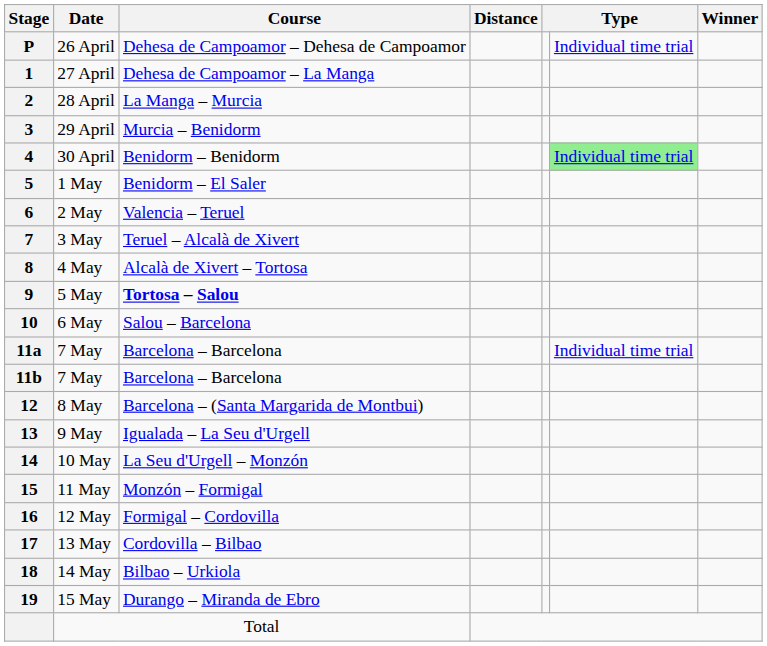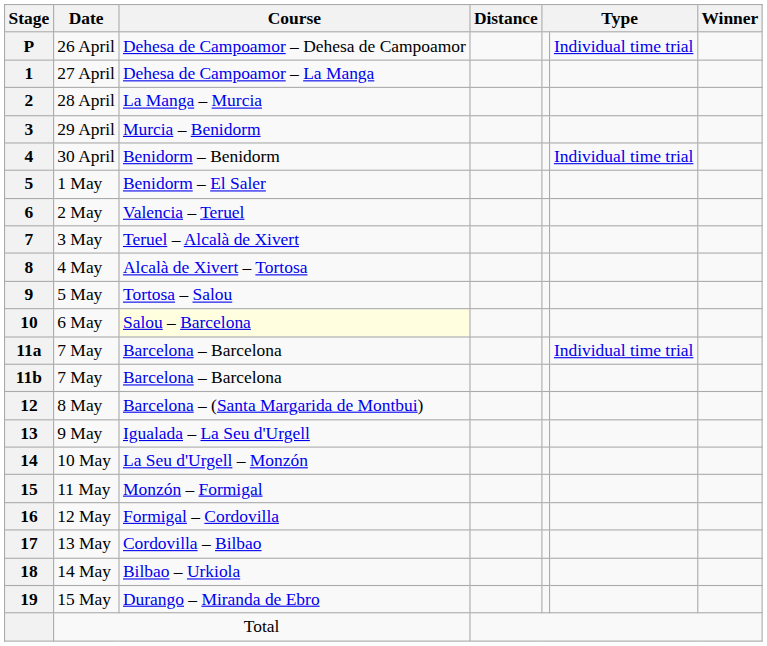 <table class="wikitable">
 <tr>
 <th scope="col">Stage</th>
 <th scope="col">Date</th>
 <th scope="col">Course</th>
 <th scope="col">Distance</th>
 <th scope="col" colspan="2">Type</th>
 <th scope="col">Winner</th>
 </tr>
 <tr>
 <th scope="row">P</th>
 <td>26 April</td>
 <td><a href='#'>Dehesa de Campoamor</a> – Dehesa de Campoamor</td>
 <td style="text-align:center;"></td>
 <td></td>
 <td><a href='#'>Individual time trial</a></td>
 <td></td>
 </tr>
 <tr>
 <th scope="row">1</th>
 <td>27 April</td>
 <td><a href='#'>Dehesa de Campoamor</a> – <a href='#'>La Manga</a></td>
 <td style="text-align:center;"></td>
 <td></td>
 <td></td>
 <td></td>
 </tr>
 <tr>
 <th scope="row">2</th>
 <td>28 April</td>
 <td><a href='#'>La Manga</a> – <a href='#'>Murcia</a></td>
 <td style="text-align:center;"></td>
 <td></td>
 <td></td>
 <td></td>
 </tr>
 <tr>
 <th scope="row">3</th>
 <td>29 April</td>
 <td><a href='#'>Murcia</a> – <a href='#'>Benidorm</a></td>
 <td style="text-align:center;"></td>
 <td></td>
 <td></td>
 <td></td>
 </tr>
 <tr>
 <th scope="row">4</th>
 <td>30 April</td>
 <td><a href='#'>Benidorm</a> – Benidorm</td>
 <td style="text-align:center;"></td>
 <td></td>
-<td style="background: lightgreen;"><a href='#'>Individual time trial</a></td>
+<td><a href='#'>Individual time trial</a></td>
 <td></td>
 </tr>
 <tr>
 <th scope="row">5</th>
 <td>1 May</td>
 <td><a href='#'>Benidorm</a> – <a href='#'>El Saler</a></td>
 <td style="text-align:center;"></td>
 <td></td>
 <td></td>
 <td></td>
 </tr>
 <tr>
 <th scope="row">6</th>
 <td>2 May</td>
 <td><a href='#'>Valencia</a> – <a href='#'>Teruel</a></td>
 <td style="text-align:center;"></td>
 <td></td>
 <td></td>
 <td></td>
 </tr>
 <tr>
 <th scope="row">7</th>
 <td>3 May</td>
 <td><a href='#'>Teruel</a> – <a href='#'>Alcalà de Xivert</a></td>
 <td style="text-align:center;"></td>
 <td></td>
 <td></td>
 <td></td>
 </tr>
 <tr>
 <th scope="row">8</th>
 <td>4 May</td>
 <td><a href='#'>Alcalà de Xivert</a> – <a href='#'>Tortosa</a></td>
 <td style="text-align:center;"></td>
 <td></td>
 <td></td>
 <td></td>
 </tr>
 <tr>
 <th scope="row">9</th>
 <td>5 May</td>
-<td><strong><a href='#'>Tortosa</a> – <a href='#'>Salou</a></strong></td>
+<td><a href='#'>Tortosa</a> – <a href='#'>Salou</a></td>
 <td style="text-align:center;"></td>
 <td></td>
 <td></td>
 <td></td>
 </tr>
 <tr>
 <th scope="row">10</th>
 <td>6 May</td>
-<td><a href='#'>Salou</a> – <a href='#'>Barcelona</a></td>
+<td style="background: lightyellow;"><a href='#'>Salou</a> – <a href='#'>Barcelona</a></td>
 <td style="text-align:center;"></td>
 <td></td>
 <td></td>
 <td></td>
 </tr>
 <tr>
 <th scope="row">11a</th>
 <td>7 May</td>
 <td><a href='#'>Barcelona</a> – Barcelona</td>
 <td style="text-align:center;"></td>
 <td></td>
 <td><a href='#'>Individual time trial</a></td>
 <td></td>
 </tr>
 <tr>
 <th scope="row">11b</th>
 <td>7 May</td>
 <td><a href='#'>Barcelona</a> – Barcelona</td>
 <td style="text-align:center;"></td>
 <td></td>
 <td></td>
 <td></td>
 </tr>
 <tr>
 <th scope="row">12</th>
 <td>8 May</td>
 <td><a href='#'>Barcelona</a> –  (<a href='#'>Santa Margarida de Montbui</a>)</td>
 <td style="text-align:center;"></td>
 <td></td>
 <td></td>
 <td></td>
 </tr>
 <tr>
 <th scope="row">13</th>
 <td>9 May</td>
 <td><a href='#'>Igualada</a> – <a href='#'>La Seu d'Urgell</a></td>
 <td style="text-align:center;"></td>
 <td></td>
 <td></td>
 <td></td>
 </tr>
 <tr>
 <th scope="row">14</th>
 <td>10 May</td>
 <td><a href='#'>La Seu d'Urgell</a> – <a href='#'>Monzón</a></td>
 <td style="text-align:center;"></td>
 <td></td>
 <td></td>
 <td></td>
 </tr>
 <tr>
 <th scope="row">15</th>
 <td>11 May</td>
 <td><a href='#'>Monzón</a> – <a href='#'>Formigal</a></td>
 <td style="text-align:center;"></td>
 <td></td>
 <td></td>
 <td></td>
 </tr>
 <tr>
 <th scope="row">16</th>
 <td>12 May</td>
 <td><a href='#'>Formigal</a> – <a href='#'>Cordovilla</a></td>
 <td style="text-align:center;"></td>
 <td></td>
 <td></td>
 <td></td>
 </tr>
 <tr>
 <th scope="row">17</th>
 <td>13 May</td>
 <td><a href='#'>Cordovilla</a> – <a href='#'>Bilbao</a></td>
 <td style="text-align:center;"></td>
 <td></td>
 <td></td>
 <td></td>
 </tr>
 <tr>
 <th scope="row">18</th>
 <td>14 May</td>
 <td><a href='#'>Bilbao</a> – <a href='#'>Urkiola</a></td>
 <td style="text-align:center;"></td>
 <td></td>
 <td></td>
 <td></td>
 </tr>
 <tr>
 <th scope="row">19</th>
 <td>15 May</td>
 <td><a href='#'>Durango</a> – <a href='#'>Miranda de Ebro</a></td>
 <td style="text-align:center;"></td>
 <td></td>
 <td></td>
 <td></td>
 </tr>
 <tr>
 <th scope="row"></th>
 <td colspan="2" style="text-align:center">Total</td>
 <td colspan="4" style="text-align:center"></td>
 </tr>
 </table>
